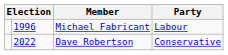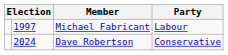 <table class="wikitable">
 <tr>
 <th colspan="2">Election</th>
 <th>Member</th>
 <th>Party</th>
 </tr>
 <tr>
 <td style="color:inherit;background-color: "></td>
-<td><a href='#'>1996</a></td>
+<td><a href='#'>1997</a></td>
 <td><a href='#'>Michael Fabricant</a></td>
 <td><a href='#'>Labour</a></td>
 </tr>
 <tr>
 <td style="color:inherit;background-color: "></td>
-<td><a href='#'>2022</a></td>
+<td><a href='#'>2024</a></td>
 <td><a href='#'>Dave Robertson</a></td>
 <td><a href='#'>Conservative</a></td>
 </tr>
 </table>
